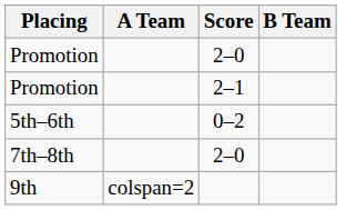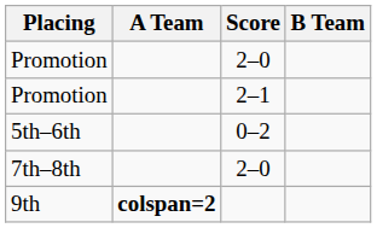 <table class=wikitable style="border:1px solid #AAAAAA;">
 <tr>
 <th>Placing</th>
 <th>A Team</th>
 <th>Score</th>
 <th>B Team</th>
 </tr>
 <tr>
 <td>Promotion</td>
 <td><strong></strong></td>
 <td align="center">2–0</td>
 <td></td>
 </tr>
 <tr>
 <td>Promotion</td>
 <td><strong></strong></td>
 <td align="center">2–1</td>
 <td></td>
 </tr>
 <tr>
 <td>5th–6th</td>
 <td></td>
 <td align="center">0–2</td>
 <td><strong></strong></td>
 </tr>
 <tr>
 <td>7th–8th</td>
 <td><strong></strong></td>
 <td align="center">2–0</td>
 <td></td>
 </tr>
 <tr>
 <td>9th</td>
-<td>colspan=2 </td>
+<td><strong>colspan=2 </strong></td>
 <td></td>
 </tr>
 </table>
